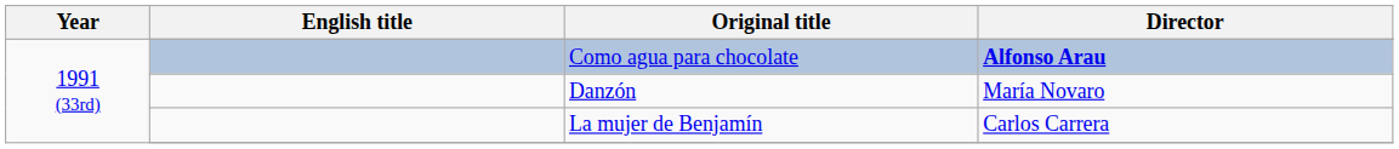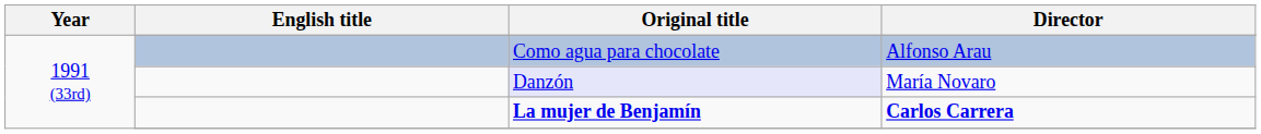 <table class="wikitable">
 <tr>
 <th width="100"><strong>Year</strong></th>
 <th width="300"><strong>English title</strong></th>
 <th width="300"><strong>Original title</strong></th>
 <th width="300"><strong>Director</strong></th>
 </tr>
 <tr>
 <td rowspan="6" style="text-align:center;"><a href='#'>1991</a><br><small><a href='#'>(33rd)</a></small></td>
 </tr>
 <tr style="background:#B0C4DE;">
 <td></td>
 <td><a href='#'>Como agua para chocolate</a></td>
-<td><strong><a href='#'>Alfonso Arau</a></strong></td>
+<td><a href='#'>Alfonso Arau</a></td>
 </tr>
 <tr>
 <td></td>
-<td><a href='#'>Danzón</a></td>
+<td style="background: lavender;"><a href='#'>Danzón</a></td>
 <td><a href='#'>María Novaro</a></td>
 </tr>
 <tr>
 <td></td>
-<td><a href='#'>La mujer de Benjamín</a></td>
-<td><a href='#'>Carlos Carrera</a></td>
+<td><strong><a href='#'>La mujer de Benjamín</a></strong></td>
+<td><strong><a href='#'>Carlos Carrera</a></strong></td>
 </tr>
 <tr>
 </tr>
 </table>
